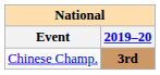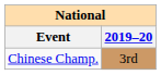 <table class="wikitable" style="text-align:center">
 <tr>
 <th style="background-color: #ffdead; " colspan=2 align=center>National</th>
 </tr>
 <tr>
 <th>Event</th>
 <th><a href='#'>2019–20</a></th>
 </tr>
 <tr>
 <td><a href='#'>Chinese Champ.</a></td>
-<td bgcolor=cc9966><strong>3rd</strong></td>
+<td bgcolor=cc9966>3rd</td>
 </tr>
 </table>
